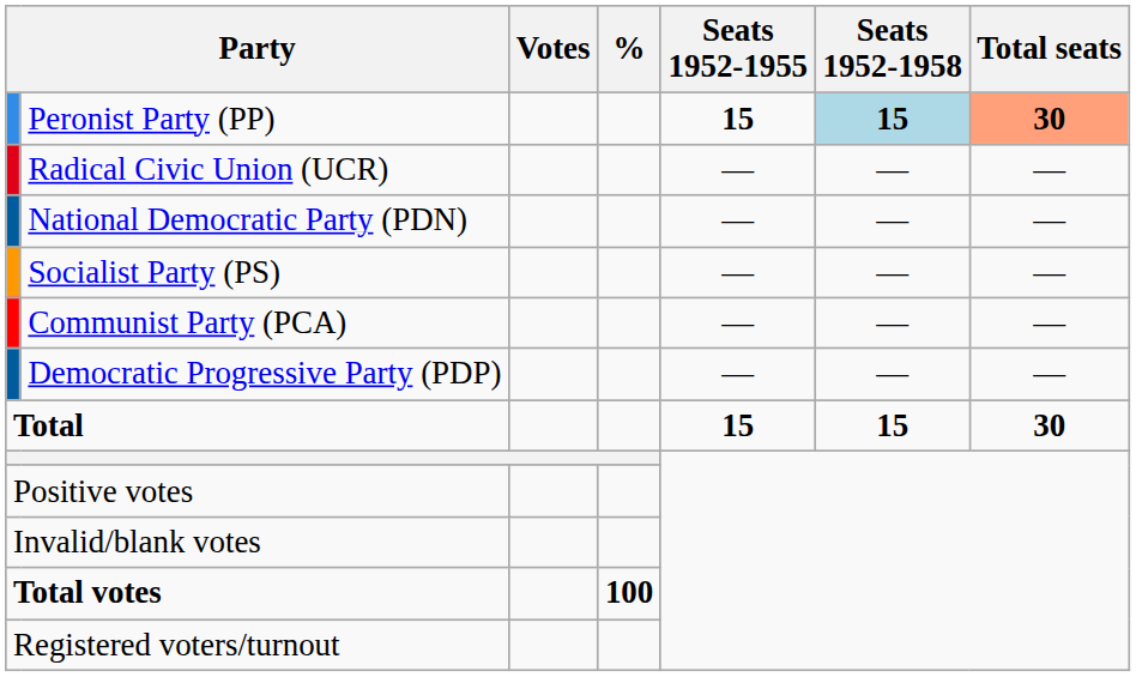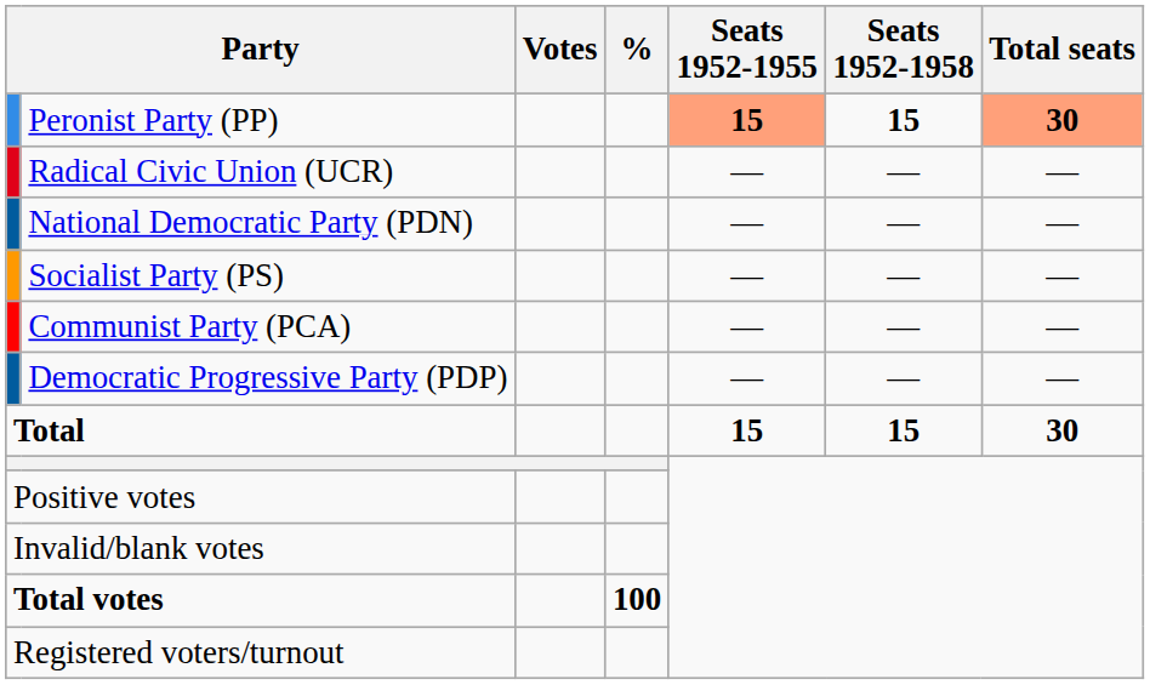 <table class="wikitable" style="text-align:right;">
 <tr>
 <th colspan=2>Party</th>
 <th>Votes</th>
 <th>%</th>
 <th>Seats<br>1952-1955</th>
 <th>Seats<br>1952-1958</th>
 <th>Total seats</th>
 </tr>
 <tr>
 <td bgcolor=#318CE7></td>
 <td align=left><a href='#'>Peronist Party</a> (PP)</td>
 <td></td>
 <td></td>
+<td align=center style="background: lightsalmon;"><strong>15</strong></td>
 <td align=center><strong>15</strong></td>
-<td align=center style="background: lightblue;"><strong>15</strong></td>
 <td align=center style="background: lightsalmon;"><strong>30</strong></td>
 </tr>
 <tr>
 <td bgcolor=#E10019></td>
 <td align=left><a href='#'>Radical Civic Union</a> (UCR)</td>
 <td></td>
 <td></td>
 <td align=center>—</td>
 <td align=center>—</td>
 <td align=center>—</td>
 </tr>
 <tr>
 <td bgcolor=#005C9E></td>
 <td align=left><a href='#'>National Democratic Party</a> (PDN)</td>
 <td></td>
 <td></td>
 <td align=center>—</td>
 <td align=center>—</td>
 <td align=center>—</td>
 </tr>
 <tr>
 <td bgcolor=#FF9900></td>
 <td align=left><a href='#'>Socialist Party</a> (PS)</td>
 <td></td>
 <td></td>
 <td align=center>—</td>
 <td align=center>—</td>
 <td align=center>—</td>
 </tr>
 <tr>
 <td bgcolor=#FF0000></td>
 <td align=left><a href='#'>Communist Party</a> (PCA)</td>
 <td></td>
 <td></td>
 <td align=center>—</td>
 <td align=center>—</td>
 <td align=center>—</td>
 </tr>
 <tr>
 <td bgcolor=#005C9E></td>
 <td align=left><a href='#'>Democratic Progressive Party</a> (PDP)</td>
 <td></td>
 <td></td>
 <td align=center>—</td>
 <td align=center>—</td>
 <td align=center>—</td>
 </tr>
 <tr style="font-weight:bold">
 <td colspan=2 align=left>Total</td>
 <td></td>
 <td></td>
 <td align=center><strong>15</strong></td>
 <td align=center><strong>15</strong></td>
 <td align=center><strong>30</strong></td>
 </tr>
 <tr>
 <th colspan=4></th>
 <td rowspan=5 colspan=6></td>
 </tr>
 <tr>
 <td align=left colspan=2>Positive votes</td>
 <td></td>
 <td></td>
 </tr>
 <tr>
 <td align=left colspan=2>Invalid/blank votes</td>
 <td></td>
 <td></td>
 </tr>
 <tr style="font-weight:bold">
 <td align=left colspan=2>Total votes</td>
 <td></td>
 <td>100</td>
 </tr>
 <tr>
 <td align=left colspan=2>Registered voters/turnout</td>
 <td></td>
 <td></td>
 </tr>
 </table>
